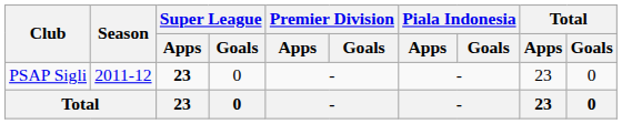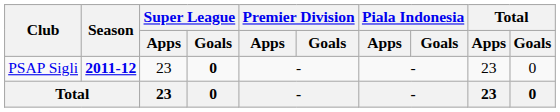 <table class="wikitable" style="font-size:90%; text-align:center;">
 <tr>
 <th rowspan="2">Club</th>
 <th rowspan="2">Season</th>
 <th colspan="2"><a href='#'>Super League</a></th>
 <th colspan="2"><a href='#'>Premier Division</a></th>
 <th colspan="2"><a href='#'>Piala Indonesia</a></th>
 <th colspan="2">Total</th>
 </tr>
 <tr>
 <th>Apps</th>
 <th>Goals</th>
 <th>Apps</th>
 <th>Goals</th>
 <th>Apps</th>
 <th>Goals</th>
 <th>Apps</th>
 <th>Goals</th>
 </tr>
 <tr>
 <td rowspan="1"><a href='#'>PSAP Sigli</a></td>
-<td><a href='#'>2011-12</a></td>
-<td><strong>23</strong></td>
-<td>0</td>
+<td><strong><a href='#'>2011-12</a></strong></td>
+<td>23</td>
+<td><strong>0</strong></td>
 <td colspan="2">-</td>
 <td colspan="2">-</td>
 <td>23</td>
 <td>0</td>
 </tr>
 <tr>
 <th colspan="2">Total</th>
 <th>23</th>
 <th>0</th>
 <th colspan="2">-</th>
 <th colspan="2">-</th>
 <th>23</th>
 <th>0</th>
 </tr>
 </table>
